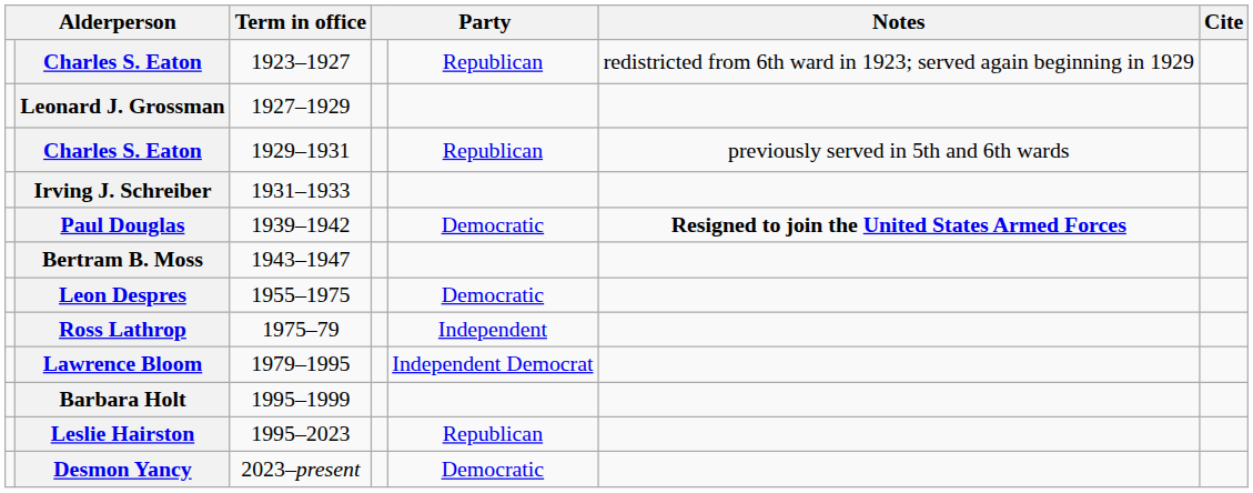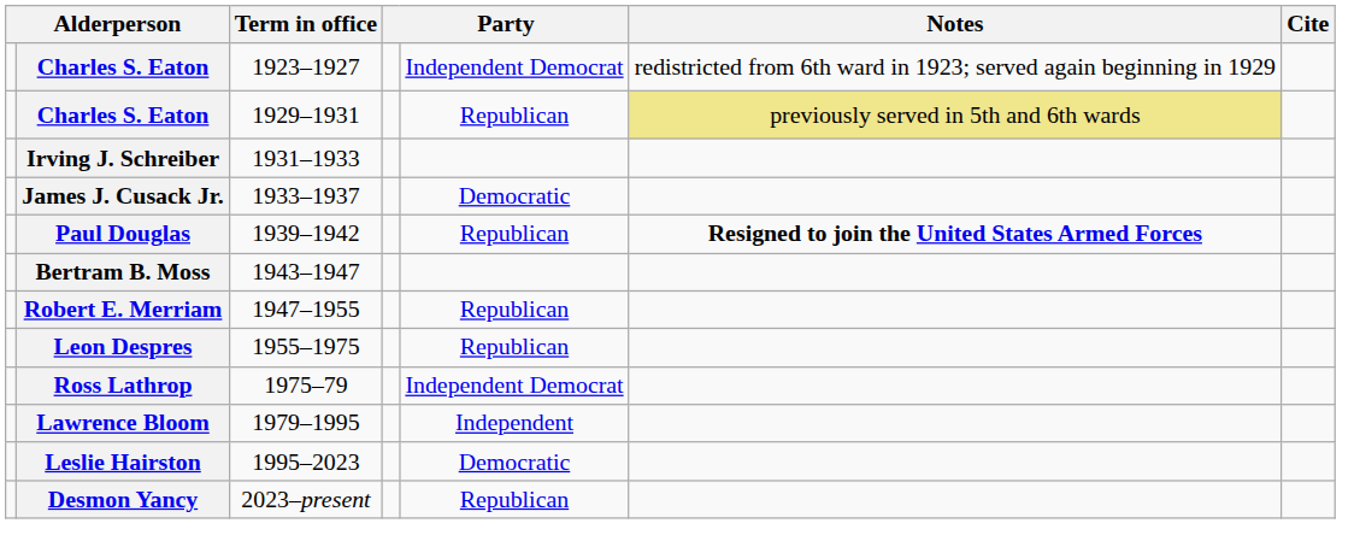 <table class="wikitable sortable" style="text-align:center;">
 <tr>
 <th scope="col" colspan="2">Alderperson</th>
 <th scope="col">Term in office</th>
 <th scope="col" colspan="2">Party</th>
 <th scope="col">Notes</th>
 <th scope="col">Cite</th>
 </tr>
 <tr style="height:2em;">
 <td></td>
 <th scope="row"><a href='#'>Charles S. Eaton</a></th>
 <td>1923–1927</td>
 <td> </td>
-<td><a href='#'>Republican</a></td>
+<td><a href='#'>Independent Democrat</a></td>
 <td>redistricted from 6th ward in 1923; served again beginning in 1929</td>
-<td></td>
-</tr>
-<tr style="height:2em;">
-<td></td>
-<th scope="row">Leonard J. Grossman</th>
-<td>1927–1929</td>
-<td></td>
-<td></td>
-<td></td>
 <td></td>
 </tr>
 <tr style="height:2em;">
 <td></td>
 <th scope="row"><a href='#'>Charles S. Eaton</a></th>
 <td>1929–1931</td>
 <td> </td>
 <td><a href='#'>Republican</a></td>
-<td>previously served in 5th and 6th wards</td>
+<td style="background: khaki;">previously served in 5th and 6th wards</td>
 <td></td>
 </tr>
 <tr>
 <td></td>
 <th scope="row">Irving J. Schreiber</th>
 <td>1931–1933</td>
 <td></td>
 <td></td>
 <td></td>
 <td></td>
 </tr>
 <tr>
 <td></td>
+<th scope="row">James J. Cusack Jr.</th>
+<td>1933–1937</td>
+<td> </td>
+<td><a href='#'>Democratic</a></td>
+<td></td>
+<td></td>
+</tr>
+<tr>
+<td></td>
 <th scope="row"><a href='#'>Paul Douglas</a></th>
 <td>1939–1942</td>
 <td> </td>
-<td><a href='#'>Democratic</a></td>
+<td><a href='#'>Republican</a></td>
 <td><strong>Resigned to join the <a href='#'>United States Armed Forces</a></strong></td>
 <td></td>
 </tr>
 <tr>
 <td></td>
 <th scope="row">Bertram B. Moss</th>
 <td>1943–1947</td>
 <td></td>
 <td></td>
 <td></td>
 <td></td>
 </tr>
 <tr>
 <td></td>
+<th scope="row"><a href='#'>Robert E. Merriam</a></th>
+<td>1947–1955</td>
+<td> </td>
+<td><a href='#'>Republican</a></td>
+<td></td>
+<td></td>
+</tr>
+<tr>
+<td></td>
 <th scope="row"><a href='#'>Leon Despres</a></th>
 <td>1955–1975</td>
 <td> </td>
-<td><a href='#'>Democratic</a></td>
+<td><a href='#'>Republican</a></td>
 <td></td>
 <td></td>
 </tr>
 <tr>
 <td></td>
 <th scope="row"><a href='#'>Ross Lathrop</a></th>
 <td>1975–79</td>
 <td> </td>
-<td><a href='#'>Independent</a></td>
+<td><a href='#'>Independent Democrat</a></td>
 <td></td>
 <td></td>
 </tr>
 <tr>
 <td></td>
 <th scope="row"><a href='#'>Lawrence Bloom</a></th>
 <td>1979–1995</td>
 <td></td>
-<td><a href='#'>Independent Democrat</a></td>
-<td></td>
-<td></td>
-</tr>
-<tr>
-<td></td>
-<th scope="row">Barbara Holt</th>
-<td>1995–1999</td>
-<td></td>
-<td></td>
+<td><a href='#'>Independent</a></td>
 <td></td>
 <td></td>
 </tr>
 <tr>
 <td></td>
 <th scope="row"><a href='#'>Leslie Hairston</a></th>
 <td>1995–2023</td>
 <td> </td>
-<td><a href='#'>Republican</a></td>
+<td><a href='#'>Democratic</a></td>
 <td></td>
 <td></td>
 </tr>
 <tr>
 <td></td>
 <th scope="row"><a href='#'>Desmon Yancy</a></th>
 <td>2023–<em>present</em></td>
 <td> </td>
-<td><a href='#'>Democratic</a></td>
+<td><a href='#'>Republican</a></td>
 <td></td>
 <td></td>
 </tr>
 </table>
